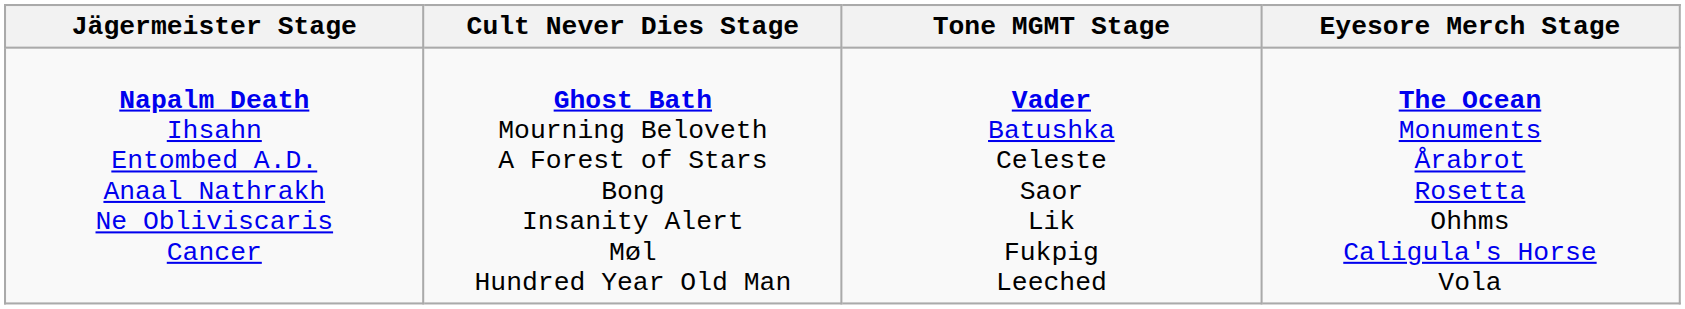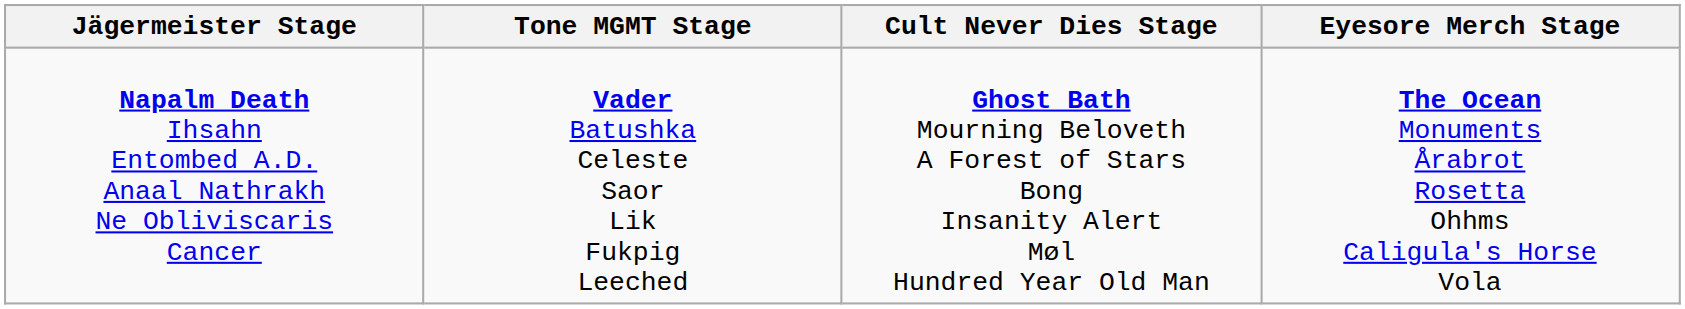 <table class="wikitable">
 <tr>
 <th>Jägermeister Stage</th>
+<th>Tone MGMT Stage</th>
 <th>Cult Never Dies Stage</th>
-<th>Tone MGMT Stage</th>
 <th>Eyesore Merch Stage</th>
 </tr>
 <tr>
 <td valign="top" align="center" width=200><br><strong><a href='#'>Napalm Death</a></strong><br> <a href='#'>Ihsahn</a><br> <a href='#'>Entombed A.D.</a><br> <a href='#'>Anaal Nathrakh</a><br> <a href='#'>Ne Obliviscaris</a><br> <a href='#'>Cancer</a><br></td>
+<td valign="top" align="center" width=200><br><strong><a href='#'>Vader</a></strong><br> <a href='#'>Batushka</a><br> Celeste<br> Saor<br> Lik<br> Fukpig<br> Leeched</td>
 <td valign="top" align="center" width=200><br><strong><a href='#'>Ghost Bath</a></strong><br> Mourning Beloveth<br> A Forest of Stars<br> Bong<br> Insanity Alert<br> Møl<br> Hundred Year Old Man<br></td>
-<td valign="top" align="center" width=200><br><strong><a href='#'>Vader</a></strong><br> <a href='#'>Batushka</a><br> Celeste<br> Saor<br> Lik<br> Fukpig<br> Leeched</td>
 <td valign="top" align="center" width=200><br><strong><a href='#'>The Ocean</a></strong><br> <a href='#'>Monuments</a><br> <a href='#'>Årabrot</a><br> <a href='#'>Rosetta</a><br> Ohhms<br> <a href='#'>Caligula's Horse</a><br> Vola<br></td>
 </tr>
 </table>
